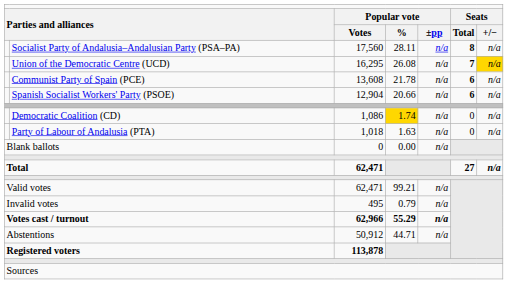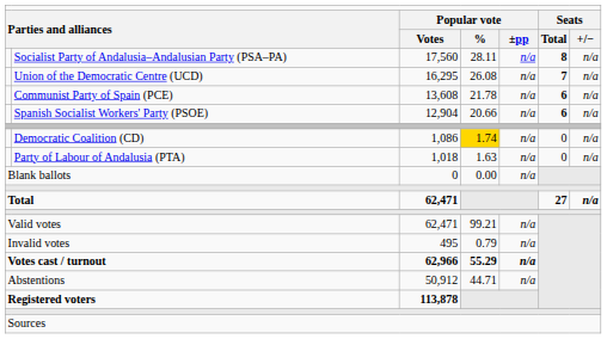 <table class="wikitable" style="text-align:right;">
 <tr>
 <td colspan="7"></td>
 </tr>
 <tr>
 <th style="text-align:left;" rowspan="2" colspan="2" width="525">Parties and alliances</th>
 <th colspan="3">Popular vote</th>
 <th colspan="2">Seats</th>
 </tr>
 <tr>
 <th width="75">Votes</th>
 <th width="45">%</th>
 <th width="45">±<a href='#'>pp</a></th>
 <th width="35">Total</th>
 <th width="35">+/−</th>
 </tr>
 <tr>
 <td width="1" style="color:inherit;background:"></td>
 <td align="left"><a href='#'>Socialist Party of Andalusia–Andalusian Party</a> (PSA–PA)</td>
 <td>17,560</td>
 <td>28.11</td>
 <td><em><a href='#'>n/a</a></em></td>
 <td><strong>8</strong></td>
 <td><em>n/a</em></td>
 </tr>
 <tr>
 <td style="color:inherit;background:"></td>
 <td align="left"><a href='#'>Union of the Democratic Centre</a> (UCD)</td>
 <td>16,295</td>
 <td>26.08</td>
 <td><em>n/a</em></td>
 <td><strong>7</strong></td>
-<td style="background: gold;"><em>n/a</em></td>
+<td><em>n/a</em></td>
 </tr>
 <tr>
 <td style="color:inherit;background:"></td>
 <td align="left"><a href='#'>Communist Party of Spain</a> (PCE)</td>
 <td>13,608</td>
 <td>21.78</td>
 <td><em>n/a</em></td>
 <td><strong>6</strong></td>
 <td><em>n/a</em></td>
 </tr>
 <tr>
 <td style="color:inherit;background:"></td>
 <td align="left"><a href='#'>Spanish Socialist Workers' Party</a> (PSOE)</td>
 <td>12,904</td>
 <td>20.66</td>
 <td><em>n/a</em></td>
 <td><strong>6</strong></td>
 <td><em>n/a</em></td>
 </tr>
 <tr>
 <td colspan="7" bgcolor="#C0C0C0"></td>
 </tr>
 <tr>
 <td style="color:inherit;background:"></td>
 <td align="left"><a href='#'>Democratic Coalition</a> (CD)</td>
 <td>1,086</td>
 <td style="background: gold;">1.74</td>
 <td><em>n/a</em></td>
 <td>0</td>
 <td><em>n/a</em></td>
 </tr>
 <tr>
 <td style="color:inherit;background:"></td>
 <td align="left"><a href='#'>Party of Labour of Andalusia</a> (PTA)</td>
 <td>1,018</td>
 <td>1.63</td>
 <td><em>n/a</em></td>
 <td>0</td>
 <td><em>n/a</em></td>
 </tr>
 <tr>
 <td align="left" colspan="2">Blank ballots</td>
 <td>0</td>
 <td>0.00</td>
 <td><em>n/a</em></td>
 <td bgcolor="#E9E9E9" colspan="2"></td>
 </tr>
 <tr>
 <td colspan="7" bgcolor="#E9E9E9"></td>
 </tr>
 <tr style="font-weight:bold;">
 <td align="left" colspan="2">Total</td>
 <td>62,471</td>
 <td bgcolor="#E9E9E9" colspan="2"></td>
 <td>27</td>
 <td><em>n/a</em></td>
 </tr>
 <tr>
 <td colspan="7" bgcolor="#E9E9E9"></td>
 </tr>
 <tr>
 <td align="left" colspan="2">Valid votes</td>
 <td>62,471</td>
 <td>99.21</td>
 <td><em>n/a</em></td>
 <td bgcolor="#E9E9E9" colspan="2" rowspan="5"></td>
 </tr>
 <tr>
 <td align="left" colspan="2">Invalid votes</td>
 <td>495</td>
 <td>0.79</td>
 <td><em>n/a</em></td>
 </tr>
 <tr style="font-weight:bold;">
 <td align="left" colspan="2">Votes cast / turnout</td>
 <td>62,966</td>
 <td>55.29</td>
 <td><em>n/a</em></td>
 </tr>
 <tr>
 <td align="left" colspan="2">Abstentions</td>
 <td>50,912</td>
 <td>44.71</td>
 <td><em>n/a</em></td>
 </tr>
 <tr style="font-weight:bold;">
 <td align="left" colspan="2">Registered voters</td>
 <td>113,878</td>
 <td bgcolor="#E9E9E9" colspan="2"></td>
 </tr>
 <tr>
 <td colspan="7" bgcolor="#E9E9E9"></td>
 </tr>
 <tr>
 <td align="left" colspan="7">Sources</td>
 </tr>
 </table>
